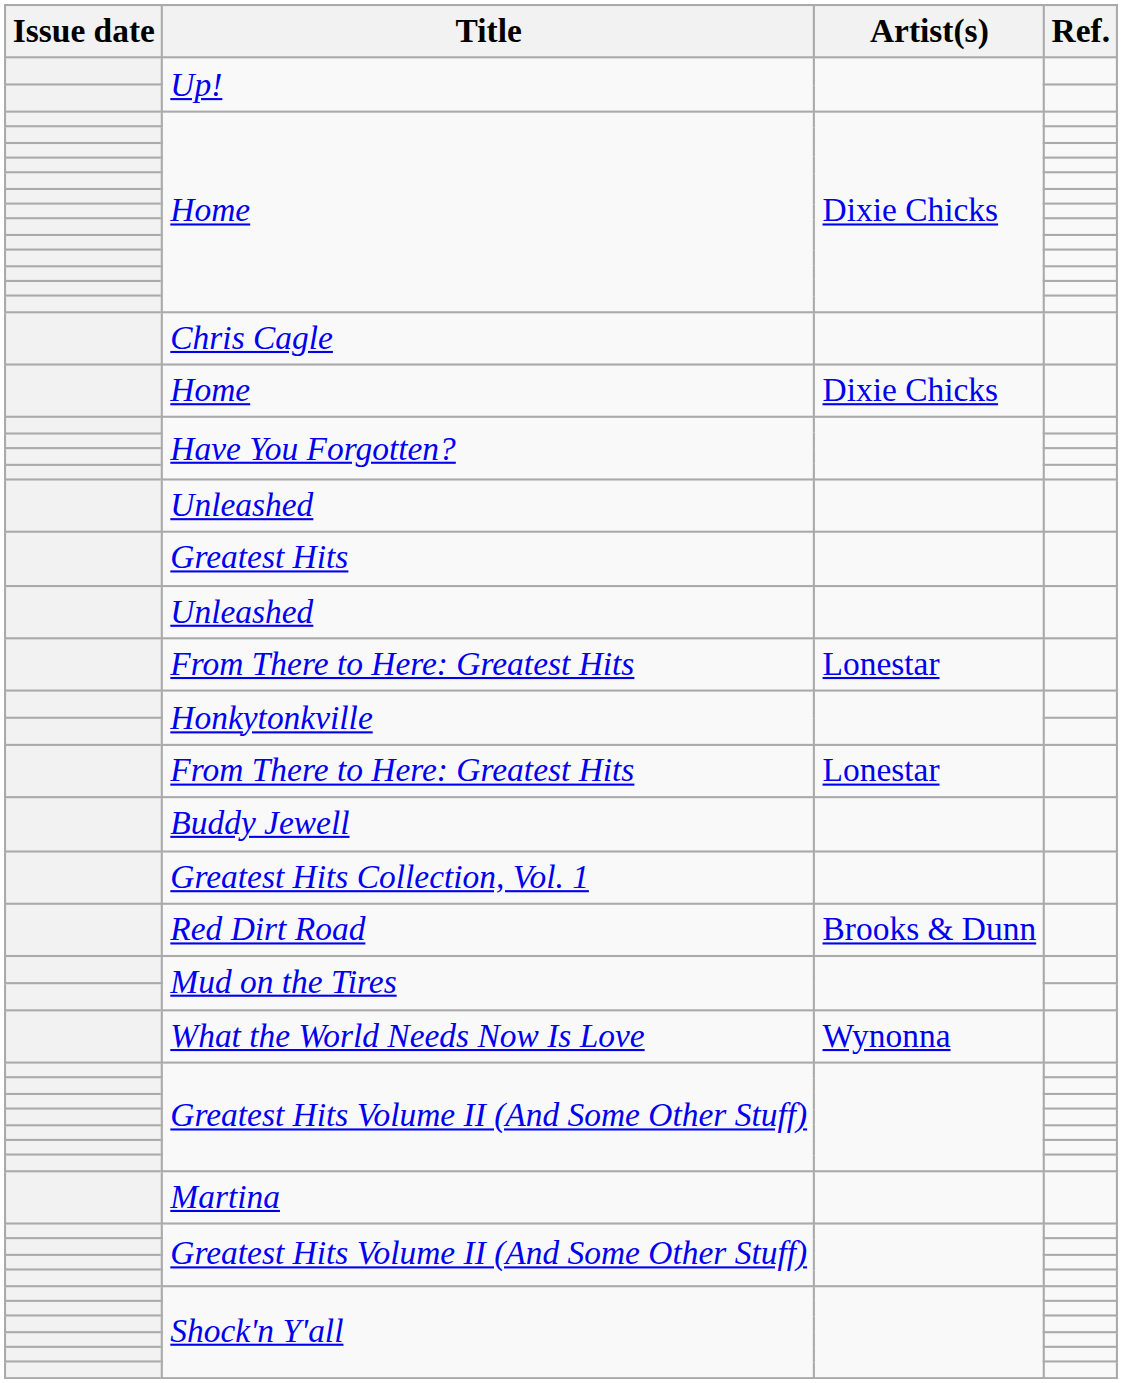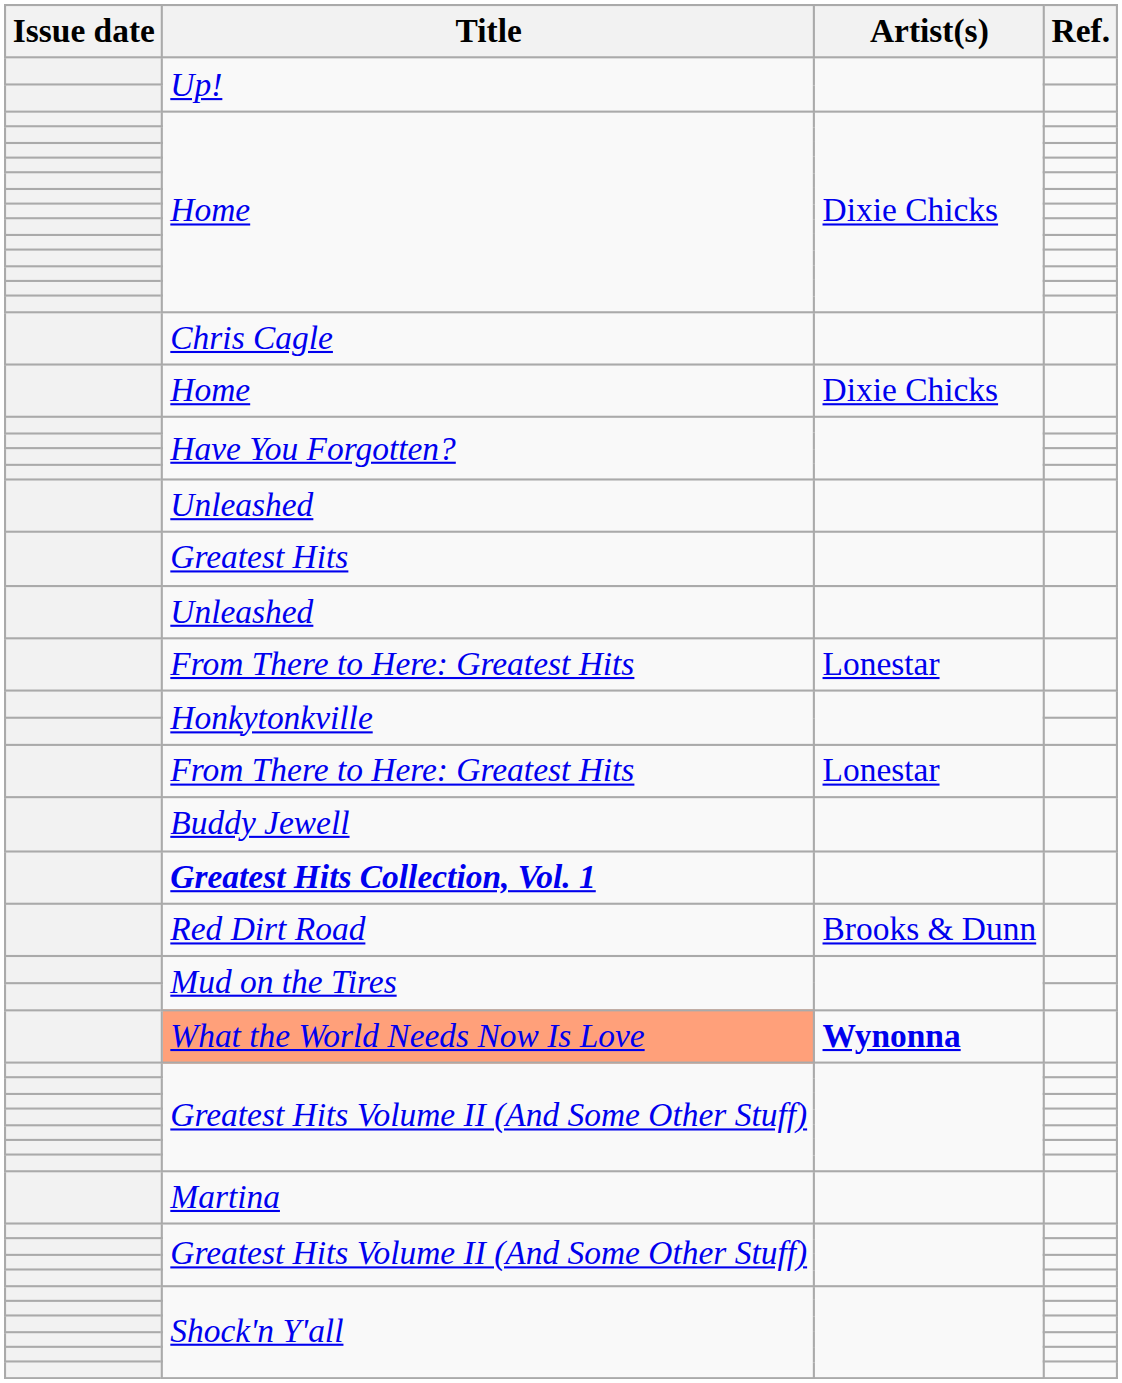 <table class="wikitable sortable plainrowheaders">
 <tr>
 <th scope=col>Issue date</th>
 <th scope=col>Title</th>
 <th scope=col>Artist(s)</th>
 <th scope=col class=unsortable>Ref.</th>
 </tr>
 <tr>
 <th scope=row></th>
 <td rowspan=2><em><a href='#'>Up!</a></em></td>
 <td rowspan=2></td>
 <td align=center></td>
 </tr>
 <tr>
 <th scope=row></th>
 <td align=center></td>
 </tr>
 <tr>
 <th scope=row></th>
 <td rowspan=13><em><a href='#'>Home</a></em></td>
 <td rowspan=13><a href='#'>Dixie Chicks</a></td>
 <td align=center></td>
 </tr>
 <tr>
 <th scope=row></th>
 <td align=center></td>
 </tr>
 <tr>
 <th scope=row></th>
 <td align=center></td>
 </tr>
 <tr>
 <th scope=row></th>
 <td align=center></td>
 </tr>
 <tr>
 <th scope=row></th>
 <td align=center></td>
 </tr>
 <tr>
 <th scope=row></th>
 <td align=center></td>
 </tr>
 <tr>
 <th scope=row></th>
 <td align=center></td>
 </tr>
 <tr>
 <th scope=row></th>
 <td align=center></td>
 </tr>
 <tr>
 <th scope=row></th>
 <td align=center></td>
 </tr>
 <tr>
 <th scope=row></th>
 <td align=center></td>
 </tr>
 <tr>
 <th scope=row></th>
 <td align=center></td>
 </tr>
 <tr>
 <th scope=row></th>
 <td align=center></td>
 </tr>
 <tr>
 <th scope=row></th>
 <td align=center></td>
 </tr>
 <tr>
 <th scope=row></th>
 <td><em><a href='#'>Chris Cagle</a></em></td>
 <td></td>
 <td align=center></td>
 </tr>
 <tr>
 <th scope=row></th>
 <td><em><a href='#'>Home</a></em></td>
 <td><a href='#'>Dixie Chicks</a></td>
 <td align=center></td>
 </tr>
 <tr>
 <th scope=row></th>
 <td rowspan=4><em><a href='#'>Have You Forgotten?</a></em></td>
 <td rowspan=4></td>
 <td align=center></td>
 </tr>
 <tr>
 <th scope=row></th>
 <td align=center></td>
 </tr>
 <tr>
 <th scope=row></th>
 <td align=center></td>
 </tr>
 <tr>
 <th scope=row></th>
 <td align=center></td>
 </tr>
 <tr>
 <th scope=row></th>
 <td><em><a href='#'>Unleashed</a></em></td>
 <td></td>
 <td align=center></td>
 </tr>
 <tr>
 <th scope=row></th>
 <td><em><a href='#'>Greatest Hits</a></em></td>
 <td></td>
 <td align=center></td>
 </tr>
 <tr>
 <th scope=row></th>
 <td><em><a href='#'>Unleashed</a></em></td>
 <td></td>
 <td align=center></td>
 </tr>
 <tr>
 <th scope=row></th>
 <td><em><a href='#'>From There to Here: Greatest Hits</a></em></td>
 <td><a href='#'>Lonestar</a></td>
 <td align=center></td>
 </tr>
 <tr>
 <th scope=row></th>
 <td rowspan=2><em><a href='#'>Honkytonkville</a></em></td>
 <td rowspan=2></td>
 <td align=center></td>
 </tr>
 <tr>
 <th scope=row></th>
 <td align=center></td>
 </tr>
 <tr>
 <th scope=row></th>
 <td><em><a href='#'>From There to Here: Greatest Hits</a></em></td>
 <td><a href='#'>Lonestar</a></td>
 <td align=center></td>
 </tr>
 <tr>
 <th scope=row></th>
 <td><em><a href='#'>Buddy Jewell</a></em></td>
 <td></td>
 <td align=center></td>
 </tr>
 <tr>
 <th scope=row></th>
-<td><em><a href='#'>Greatest Hits Collection, Vol. 1</a></em></td>
+<td><strong><em><a href='#'>Greatest Hits Collection, Vol. 1</a></em></strong></td>
 <td></td>
 <td align=center></td>
 </tr>
 <tr>
 <th scope=row></th>
 <td><em><a href='#'>Red Dirt Road</a></em></td>
 <td><a href='#'>Brooks & Dunn</a></td>
 <td align=center></td>
 </tr>
 <tr>
 <th scope=row></th>
 <td rowspan=2><em><a href='#'>Mud on the Tires</a></em></td>
 <td rowspan=2></td>
 <td align=center></td>
 </tr>
 <tr>
 <th scope=row></th>
 <td align=center></td>
 </tr>
 <tr>
 <th scope=row></th>
-<td><em><a href='#'>What the World Needs Now Is Love</a></em></td>
-<td><a href='#'>Wynonna</a></td>
+<td style="background: lightsalmon;"><em><a href='#'>What the World Needs Now Is Love</a></em></td>
+<td><strong><a href='#'>Wynonna</a></strong></td>
 <td align=center></td>
 </tr>
 <tr>
 <th scope=row></th>
 <td rowspan=7><em><a href='#'>Greatest Hits Volume II (And Some Other Stuff)</a></em></td>
 <td rowspan=7></td>
 <td align=center></td>
 </tr>
 <tr>
 <th scope=row></th>
 <td align=center></td>
 </tr>
 <tr>
 <th scope=row></th>
 <td align=center></td>
 </tr>
 <tr>
 <th scope=row></th>
 <td align=center></td>
 </tr>
 <tr>
 <th scope=row></th>
 <td align=center></td>
 </tr>
 <tr>
 <th scope=row></th>
 <td align=center></td>
 </tr>
 <tr>
 <th scope=row></th>
 <td align=center></td>
 </tr>
 <tr>
 <th scope=row></th>
 <td><em><a href='#'>Martina</a></em></td>
 <td></td>
 <td align=center></td>
 </tr>
 <tr>
 <th scope=row></th>
 <td rowspan=4><em><a href='#'>Greatest Hits Volume II (And Some Other Stuff)</a></em></td>
 <td rowspan=4></td>
 <td align=center></td>
 </tr>
 <tr>
 <th scope=row></th>
 <td align=center></td>
 </tr>
 <tr>
 <th scope=row></th>
 <td align=center></td>
 </tr>
 <tr>
 <th scope=row></th>
 <td align=center></td>
 </tr>
 <tr>
 <th scope=row></th>
 <td rowspan=6><em><a href='#'>Shock'n Y'all</a></em></td>
 <td rowspan=6></td>
 <td align=center></td>
 </tr>
 <tr>
 <th scope=row></th>
 <td align=center></td>
 </tr>
 <tr>
 <th scope=row></th>
 <td align=center></td>
 </tr>
 <tr>
 <th scope=row></th>
 <td align=center></td>
 </tr>
 <tr>
 <th scope=row></th>
 <td align=center></td>
 </tr>
 <tr>
 <th scope=row></th>
 <td align=center></td>
 </tr>
 </table>
